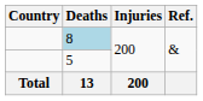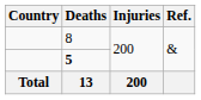 <table class="wikitable">
 <tr>
 <th>Country</th>
 <th>Deaths</th>
 <th>Injuries</th>
 <th>Ref.</th>
 </tr>
 <tr>
 <td></td>
-<td style="background: lightblue;">8</td>
+<td>8</td>
 <td rowspan="2">200</td>
 <td rowspan="2"> & </td>
 </tr>
 <tr>
 <td></td>
-<td>5</td>
+<td><strong>5</strong></td>
 </tr>
 <tr>
 <th>Total</th>
 <th>13</th>
 <th>200</th>
 <th></th>
 </tr>
 </table>
